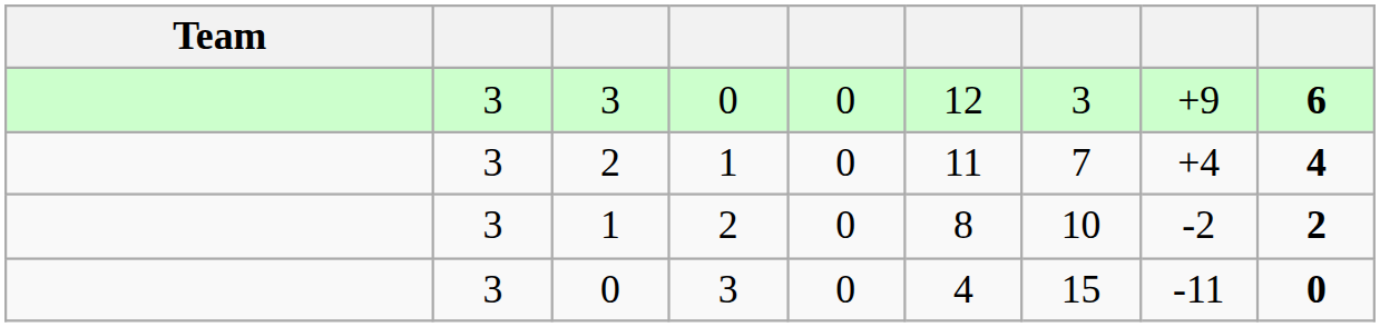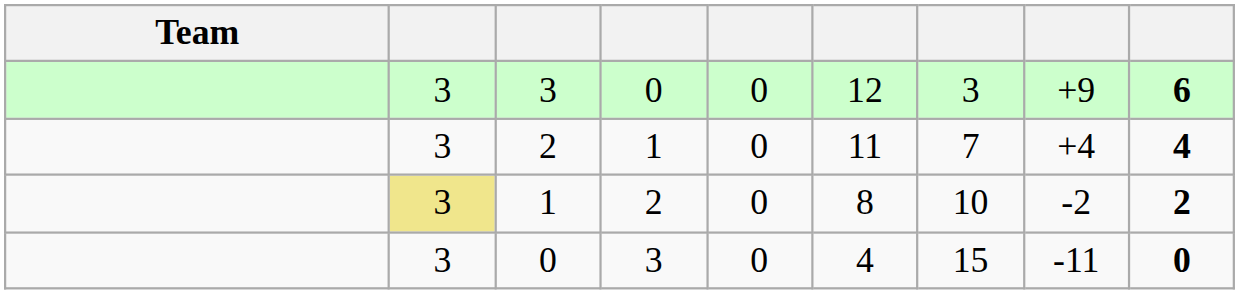 <table class="wikitable" style="text-align:center;" border=1 cellpadding=5 cellspacing=0>
 <tr>
 <th width=165>Team</th>
 <th width=40></th>
 <th width=40></th>
 <th width=40></th>
 <th width=40></th>
 <th width=40></th>
 <th width=40></th>
 <th width=40></th>
 <th width=40></th>
 </tr>
 <tr bgcolor="ccffcc">
 <td style="text-align:left;"></td>
 <td>3</td>
 <td>3</td>
 <td>0</td>
 <td>0</td>
 <td>12</td>
 <td>3</td>
 <td>+9</td>
 <td><strong>6</strong></td>
 </tr>
 <tr>
 <td style="text-align:left;"></td>
 <td>3</td>
 <td>2</td>
 <td>1</td>
 <td>0</td>
 <td>11</td>
 <td>7</td>
 <td>+4</td>
 <td><strong>4</strong></td>
 </tr>
 <tr>
 <td style="text-align:left;"></td>
-<td>3</td>
+<td style="background: khaki;">3</td>
 <td>1</td>
 <td>2</td>
 <td>0</td>
 <td>8</td>
 <td>10</td>
 <td>-2</td>
 <td><strong>2</strong></td>
 </tr>
 <tr>
 <td style="text-align:left;"></td>
 <td>3</td>
 <td>0</td>
 <td>3</td>
 <td>0</td>
 <td>4</td>
 <td>15</td>
 <td>-11</td>
 <td><strong>0</strong></td>
 </tr>
 </table>
